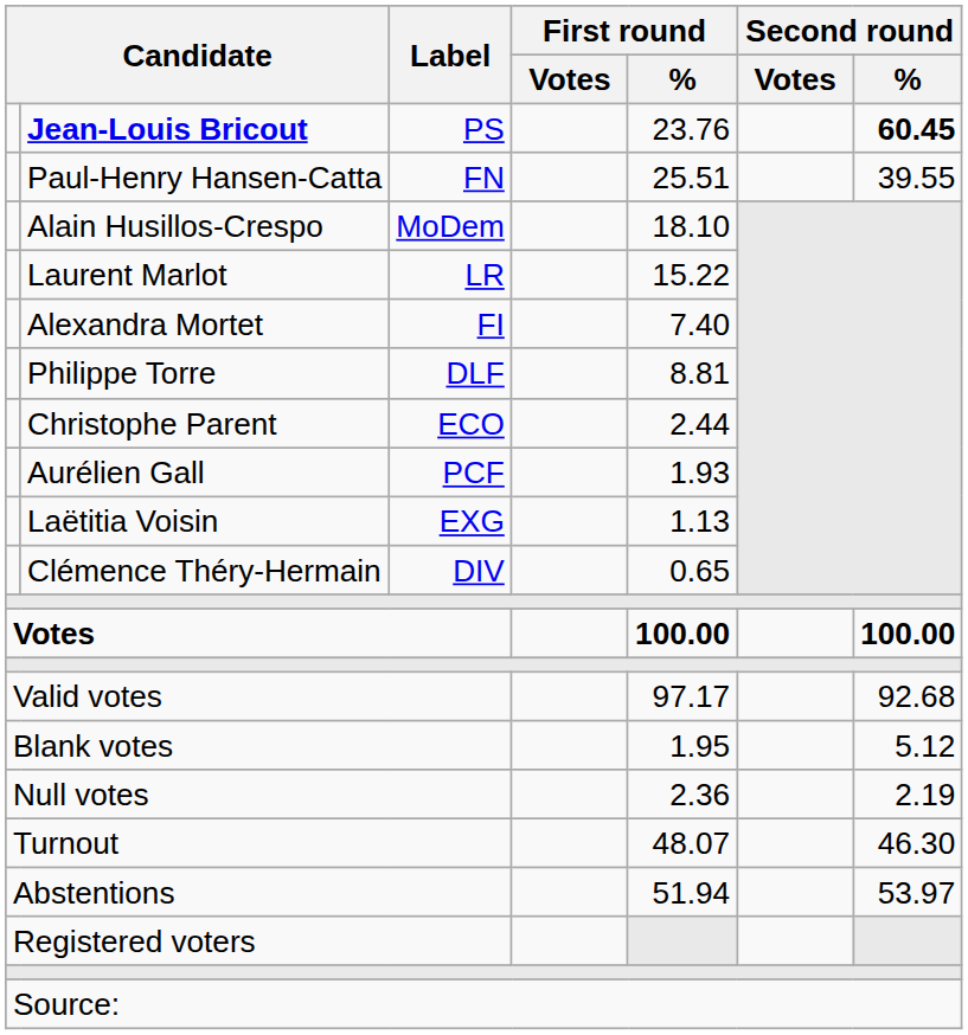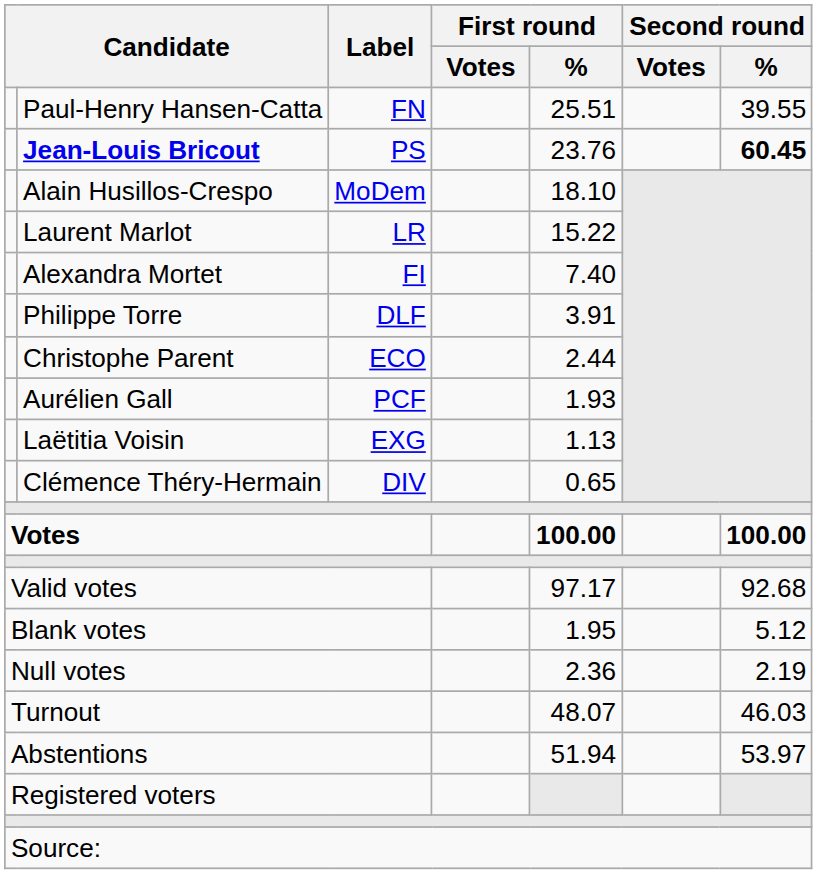 <table class="wikitable" style="text-align:right;font-size:95%;">
 <tr>
 <th colspan="2" rowspan="2">Candidate</th>
 <th rowspan="2">Label</th>
 <th colspan="2">First round</th>
 <th colspan="2">Second round</th>
 </tr>
 <tr>
 <th style="width:50px;">Votes</th>
 <th style="width:45px;">%</th>
 <th style="width:50px;">Votes</th>
 <th style="width:45px;">%</th>
 </tr>
 <tr>
 <td style="color:inherit;background:"></td>
+<td style="text-align:left;">Paul-Henry Hansen-Catta</td>
+<td><a href='#'>FN</a></td>
+<td></td>
+<td>25.51</td>
+<td></td>
+<td>39.55</td>
+</tr>
+<tr>
+<td style="color:inherit;background:"></td>
 <td style="text-align:left;"><strong><a href='#'>Jean-Louis Bricout</a></strong></td>
 <td><a href='#'>PS</a></td>
 <td></td>
 <td>23.76</td>
 <td><strong></strong></td>
 <td><strong>60.45</strong></td>
-</tr>
-<tr>
-<td style="color:inherit;background:"></td>
-<td style="text-align:left;">Paul-Henry Hansen-Catta</td>
-<td><a href='#'>FN</a></td>
-<td></td>
-<td>25.51</td>
-<td></td>
-<td>39.55</td>
 </tr>
 <tr>
 <td style="color:inherit;background:"></td>
 <td style="text-align:left;">Alain Husillos-Crespo</td>
 <td><a href='#'>MoDem</a></td>
 <td></td>
 <td>18.10</td>
 <td colspan="2" rowspan="8" style="background:#E9E9E9;"></td>
 </tr>
 <tr>
 <td style="color:inherit;background:"></td>
 <td style="text-align:left;">Laurent Marlot</td>
 <td><a href='#'>LR</a></td>
 <td></td>
 <td>15.22</td>
 </tr>
 <tr>
 <td style="color:inherit;background:"></td>
 <td style="text-align:left;">Alexandra Mortet</td>
 <td><a href='#'>FI</a></td>
 <td></td>
 <td>7.40</td>
 </tr>
 <tr>
 <td style="color:inherit;background:"></td>
 <td style="text-align:left;">Philippe Torre</td>
 <td><a href='#'>DLF</a></td>
 <td></td>
-<td>8.81</td>
+<td>3.91</td>
 </tr>
 <tr>
 <td style="color:inherit;background:"></td>
 <td style="text-align:left;">Christophe Parent</td>
 <td><a href='#'>ECO</a></td>
 <td></td>
 <td>2.44</td>
 </tr>
 <tr>
 <td style="color:inherit;background:"></td>
 <td style="text-align:left;">Aurélien Gall</td>
 <td><a href='#'>PCF</a></td>
 <td></td>
 <td>1.93</td>
 </tr>
 <tr>
 <td style="color:inherit;background:"></td>
 <td style="text-align:left;">Laëtitia Voisin</td>
 <td><a href='#'>EXG</a></td>
 <td></td>
 <td>1.13</td>
 </tr>
 <tr>
 <td style="color:inherit;background:"></td>
 <td style="text-align:left;">Clémence Théry-Hermain</td>
 <td><a href='#'>DIV</a></td>
 <td></td>
 <td>0.65</td>
 </tr>
 <tr>
 <td colspan="7" style="background:#E9E9E9;"></td>
 </tr>
 <tr style="font-weight:bold;">
 <td colspan="3" style="text-align:left;">Votes</td>
 <td></td>
 <td>100.00</td>
 <td></td>
 <td>100.00</td>
 </tr>
 <tr>
 <td colspan="7" style="background:#E9E9E9;"></td>
 </tr>
 <tr>
 <td colspan="3" style="text-align:left;">Valid votes</td>
 <td></td>
 <td>97.17</td>
 <td></td>
 <td>92.68</td>
 </tr>
 <tr>
 <td colspan="3" style="text-align:left;">Blank votes</td>
 <td></td>
 <td>1.95</td>
 <td></td>
 <td>5.12</td>
 </tr>
 <tr>
 <td colspan="3" style="text-align:left;">Null votes</td>
 <td></td>
 <td>2.36</td>
 <td></td>
 <td>2.19</td>
 </tr>
 <tr>
 <td colspan="3" style="text-align:left;">Turnout</td>
 <td></td>
 <td>48.07</td>
 <td></td>
-<td>46.30</td>
+<td>46.03</td>
 </tr>
 <tr>
 <td colspan="3" style="text-align:left;">Abstentions</td>
 <td></td>
 <td>51.94</td>
 <td></td>
 <td>53.97</td>
 </tr>
 <tr>
 <td colspan="3" style="text-align:left;">Registered voters</td>
 <td></td>
 <td style="background:#E9E9E9;"></td>
 <td></td>
 <td style="background:#E9E9E9;"></td>
 </tr>
 <tr>
 <td colspan="7" style="background:#E9E9E9;"></td>
 </tr>
 <tr>
 <td colspan="7" style="text-align:left;">Source: </td>
 </tr>
 </table>
